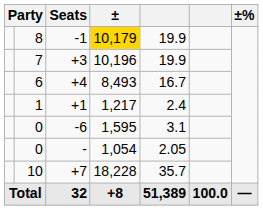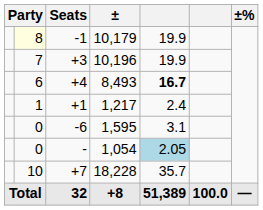 <table class=wikitable>
 <tr>
 <th colspan=2 align=center>Party</th>
 <th>Seats</th>
 <th>±</th>
 <th></th>
 <th></th>
 <th>±%</th>
 </tr>
 <tr>
 <td></td>
-<td align=right>8</td>
+<td align=right style="background: lightyellow;">8</td>
 <td align=right>-1</td>
-<td align=right style="background: gold;">10,179</td>
+<td align=right>10,179</td>
 <td align=right>19.9</td>
 <td align=right></td>
 </tr>
 <tr>
 <td></td>
 <td align=right>7</td>
 <td align=right>+3</td>
 <td align=right>10,196</td>
 <td align=right>19.9</td>
 <td align=right></td>
 </tr>
 <tr>
 <td></td>
 <td align=right>6</td>
 <td align=right>+4</td>
 <td align=right>8,493</td>
-<td align=right>16.7</td>
+<td align=right><strong>16.7</strong></td>
 <td align=right></td>
 </tr>
 <tr>
 <td></td>
 <td align=right>1</td>
 <td align=right>+1</td>
 <td align=right>1,217</td>
 <td align=right>2.4</td>
 <td align=right></td>
 </tr>
 <tr>
 <td></td>
 <td align=right>0</td>
 <td align=right>-6</td>
 <td align=right>1,595</td>
 <td align=right>3.1</td>
 <td align=right></td>
 </tr>
 <tr>
 <td></td>
 <td align=right>0</td>
 <td align=right>-</td>
 <td align=right>1,054</td>
-<td align=right>2.05</td>
+<td align=right style="background: lightblue;">2.05</td>
 <td align=right></td>
 </tr>
 <tr>
 <td></td>
 <td align=right>10</td>
 <td align=right>+7</td>
 <td align=right>18,228</td>
 <td align=right>35.7</td>
 <td align=right></td>
 </tr>
 <tr style="font-weight:bold; background:rgb(232,232,232);">
 <td colspan=2 align=center>Total</td>
 <td align=right>32</td>
 <td align=center>+8</td>
 <td align=right>51,389</td>
 <td align=center>100.0</td>
 <td align=center>—</td>
 </tr>
 </table>
